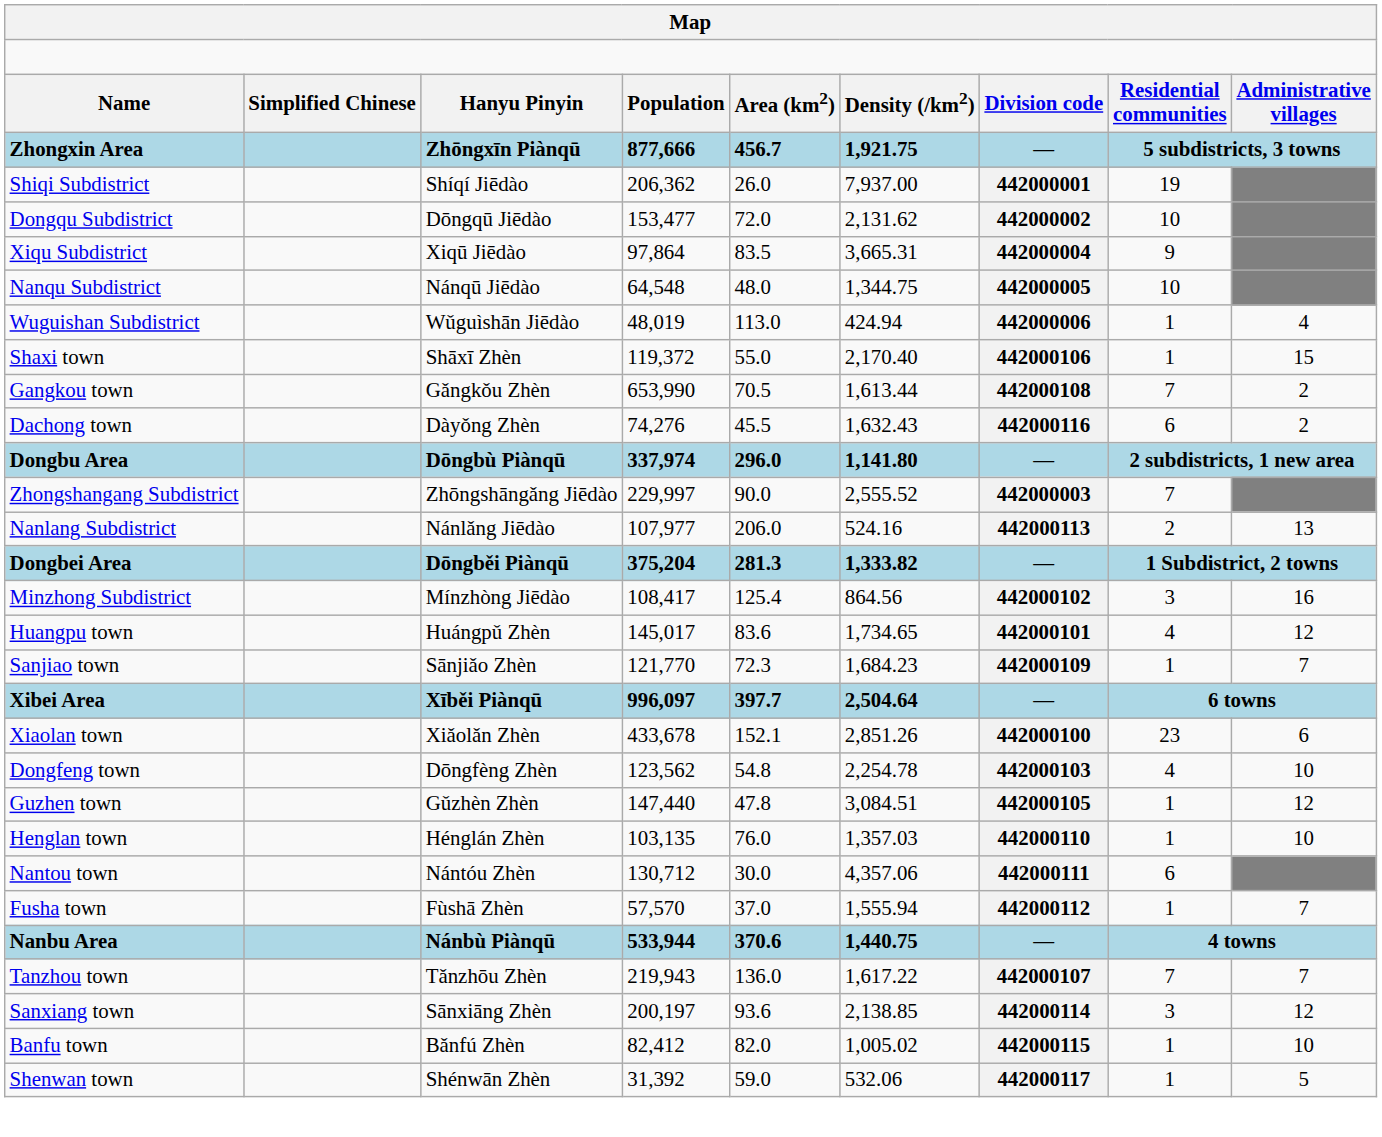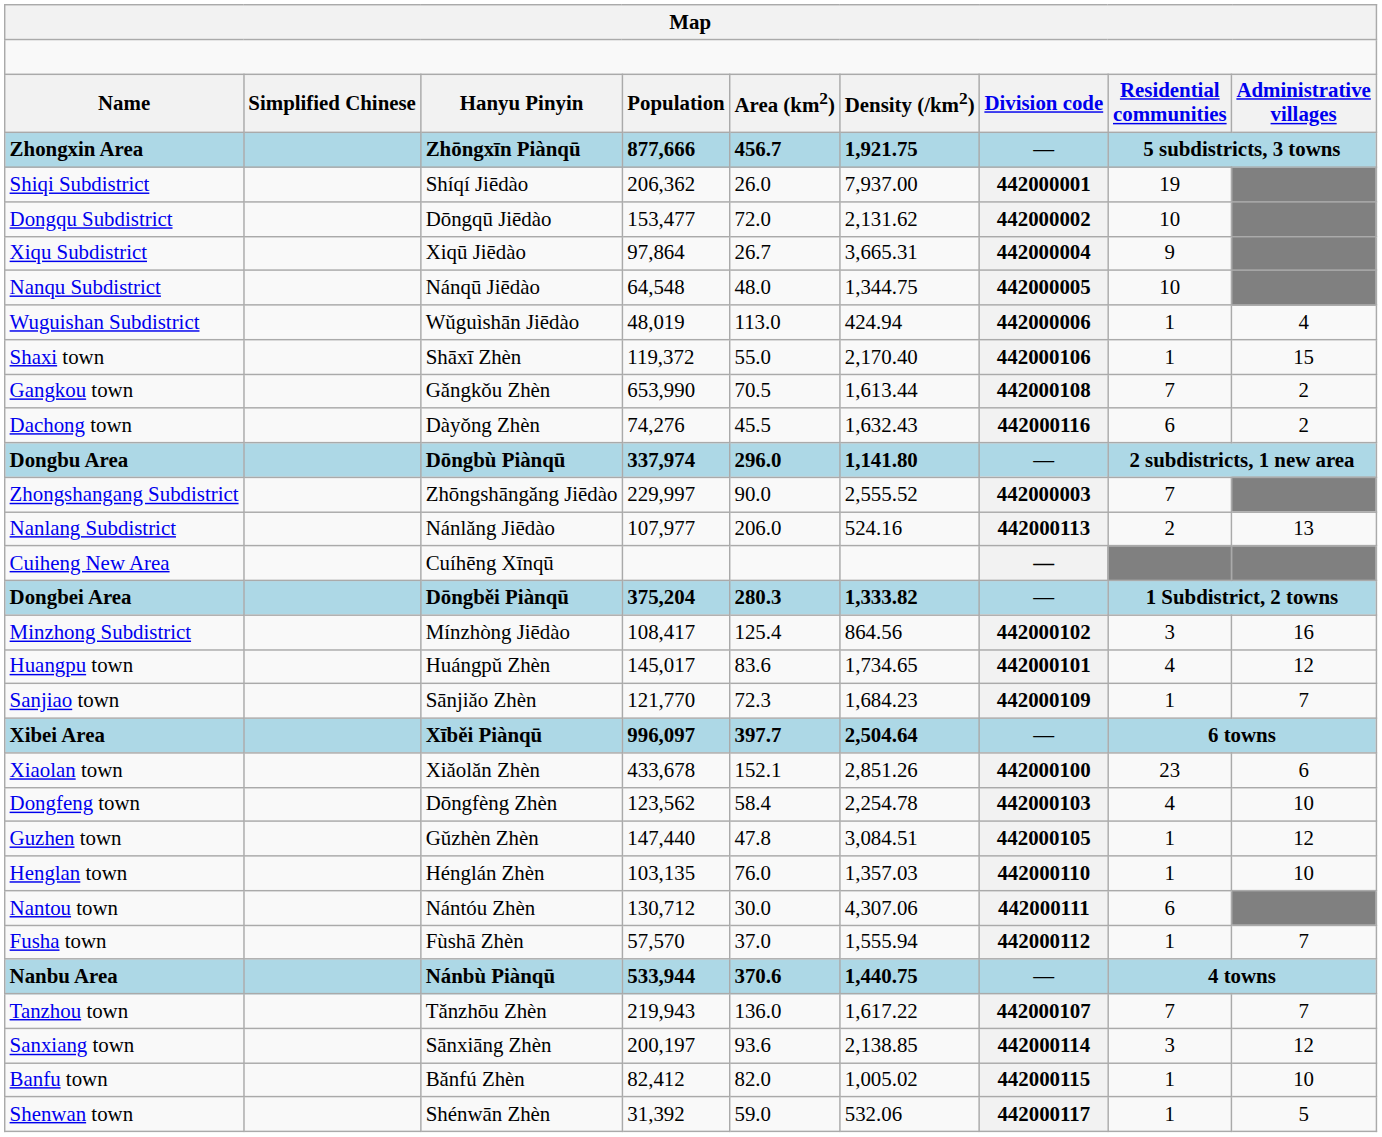 <table class="wikitable" style="font-size:90%;">
 <tr>
 <th colspan="9">Map</th>
 </tr>
 <tr>
 <td colspan="9"><div><br>                           </div></td>
 </tr>
 <tr>
 <th>Name</th>
 <th>Simplified Chinese</th>
 <th>Hanyu Pinyin</th>
 <th>Population </th>
 <th>Area (km<sup>2</sup>)</th>
 <th>Density (/km<sup>2</sup>)</th>
 <th scope="col"><a href='#'>Division code</a></th>
 <th scope="col" width="45"><a href='#'>Residential communities</a></th>
 <th scope="col" width="45"><a href='#'>Administrative villages</a></th>
 </tr>
 <tr bgcolor="lightblue">
 <td><strong>Zhongxin Area</strong></td>
 <td></td>
 <td><strong>Zhōngxīn Piànqū</strong></td>
 <td><strong>877,666</strong></td>
 <td><strong>456.7</strong></td>
 <td><strong>1,921.75</strong></td>
 <td align="center">—</td>
 <td colspan="2" align="center"><strong>5 subdistricts, 3 towns</strong></td>
 </tr>
 <tr>
 <td><a href='#'>Shiqi Subdistrict</a></td>
 <td style="white-space:nowrap;"></td>
 <td>Shíqí Jiēdào</td>
 <td>206,362</td>
 <td>26.0</td>
 <td>7,937.00</td>
 <th>442000001</th>
 <td align="center">19</td>
 <td align="center" bgcolor="grey"></td>
 </tr>
 <tr>
 <td><a href='#'>Dongqu Subdistrict</a></td>
 <td style="white-space:nowrap;"></td>
 <td>Dōngqū Jiēdào</td>
 <td>153,477</td>
 <td>72.0</td>
 <td>2,131.62</td>
 <th>442000002</th>
 <td align="center">10</td>
 <td align="center" bgcolor="grey"></td>
 </tr>
 <tr>
 <td><a href='#'>Xiqu Subdistrict</a></td>
 <td style="white-space:nowrap;"></td>
 <td>Xiqū Jiēdào</td>
 <td>97,864</td>
-<td>83.5</td>
+<td>26.7</td>
 <td>3,665.31</td>
 <th>442000004</th>
 <td align="center">9</td>
 <td align="center" bgcolor="grey"></td>
 </tr>
 <tr>
 <td><a href='#'>Nanqu Subdistrict</a></td>
 <td style="white-space:nowrap;"></td>
 <td>Nánqū Jiēdào</td>
 <td>64,548</td>
 <td>48.0</td>
 <td>1,344.75</td>
 <th>442000005</th>
 <td align="center">10</td>
 <td align="center" bgcolor="grey"></td>
 </tr>
 <tr>
 <td><a href='#'>Wuguishan Subdistrict</a></td>
 <td style="white-space:nowrap;"></td>
 <td>Wǔguìshān Jiēdào</td>
 <td>48,019</td>
 <td>113.0</td>
 <td>424.94</td>
 <th>442000006</th>
 <td align="center">1</td>
 <td align="center">4</td>
 </tr>
 <tr>
 <td><a href='#'>Shaxi</a> town</td>
 <td style="white-space:nowrap;"></td>
 <td>Shāxī Zhèn</td>
 <td>119,372</td>
 <td>55.0</td>
 <td>2,170.40</td>
 <th>442000106</th>
 <td align="center">1</td>
 <td align="center">15</td>
 </tr>
 <tr>
 <td><a href='#'>Gangkou</a> town</td>
 <td style="white-space:nowrap;"></td>
 <td>Gǎngkǒu Zhèn</td>
 <td>653,990</td>
 <td>70.5</td>
 <td>1,613.44</td>
 <th>442000108</th>
 <td align="center">7</td>
 <td align="center">2</td>
 </tr>
 <tr>
 <td><a href='#'>Dachong</a> town</td>
 <td style="white-space:nowrap;"></td>
 <td>Dàyǒng Zhèn</td>
 <td>74,276</td>
 <td>45.5</td>
 <td>1,632.43</td>
 <th>442000116</th>
 <td align="center">6</td>
 <td align="center">2</td>
 </tr>
 <tr bgcolor="lightblue">
 <td><strong>Dongbu Area</strong></td>
 <td></td>
 <td><strong>Dōngbù Piànqū</strong></td>
 <td><strong>337,974</strong></td>
 <td><strong>296.0</strong></td>
 <td><strong>1,141.80</strong></td>
 <td align="center">—</td>
 <td colspan="2" align="center"><strong>2 subdistricts, 1 new area</strong></td>
 </tr>
 <tr>
 <td><a href='#'>Zhongshangang Subdistrict</a></td>
 <td style="white-space:nowrap;"></td>
 <td>Zhōngshāngǎng Jiēdào</td>
 <td>229,997</td>
 <td>90.0</td>
 <td>2,555.52</td>
 <th>442000003</th>
 <td align="center">7</td>
 <td align="center" bgcolor="grey"></td>
 </tr>
 <tr>
 <td><a href='#'>Nanlang Subdistrict</a></td>
 <td style="white-space:nowrap;"></td>
 <td>Nánlǎng Jiēdào</td>
 <td>107,977</td>
 <td>206.0</td>
 <td>524.16</td>
 <th>442000113</th>
 <td align="center">2</td>
 <td align="center">13</td>
 </tr>
+<tr>
+<td><a href='#'>Cuiheng New Area</a></td>
+<td style="white-space:nowrap;"></td>
+<td>Cuíhēng Xīnqū</td>
+<td></td>
+<td></td>
+<td></td>
+<th>—</th>
+<td align="center" bgcolor="grey"></td>
+<td align="center" bgcolor="grey"></td>
+</tr>
 <tr bgcolor="lightblue">
 <td><strong>Dongbei Area</strong></td>
 <td></td>
 <td><strong>Dōngběi Piànqū</strong></td>
 <td><strong>375,204</strong></td>
-<td><strong>281.3</strong></td>
+<td><strong>280.3</strong></td>
 <td><strong>1,333.82</strong></td>
 <td align="center">—</td>
 <td colspan="2" align="center"><strong>1 Subdistrict, 2 towns</strong></td>
 </tr>
 <tr>
 <td><a href='#'>Minzhong Subdistrict</a></td>
 <td style="white-space:nowrap;"></td>
 <td>Mínzhòng Jiēdào</td>
 <td>108,417</td>
 <td>125.4</td>
 <td>864.56</td>
 <th>442000102</th>
 <td align="center">3</td>
 <td align="center">16</td>
 </tr>
 <tr>
 <td><a href='#'>Huangpu</a> town</td>
 <td style="white-space:nowrap;"></td>
 <td>Huángpǔ Zhèn</td>
 <td>145,017</td>
 <td>83.6</td>
 <td>1,734.65</td>
 <th>442000101</th>
 <td align="center">4</td>
 <td align="center">12</td>
 </tr>
 <tr>
 <td><a href='#'>Sanjiao</a> town</td>
 <td style="white-space:nowrap;"></td>
 <td>Sānjiǎo Zhèn</td>
 <td>121,770</td>
 <td>72.3</td>
 <td>1,684.23</td>
 <th>442000109</th>
 <td align="center">1</td>
 <td align="center">7</td>
 </tr>
 <tr bgcolor="lightblue">
 <td><strong>Xibei Area</strong></td>
 <td></td>
 <td><strong>Xīběi Piànqū</strong></td>
 <td><strong>996,097</strong></td>
 <td><strong>397.7</strong></td>
 <td><strong>2,504.64</strong></td>
 <td align="center">—</td>
 <td colspan="2" align="center"><strong>6 towns</strong></td>
 </tr>
 <tr>
 <td><a href='#'>Xiaolan</a> town</td>
 <td style="white-space:nowrap;"></td>
 <td>Xiǎolǎn Zhèn</td>
 <td>433,678</td>
 <td>152.1</td>
 <td>2,851.26</td>
 <th>442000100</th>
 <td align="center">23</td>
 <td align="center">6</td>
 </tr>
 <tr>
 <td><a href='#'>Dongfeng</a> town</td>
 <td style="white-space:nowrap;"></td>
 <td>Dōngfèng Zhèn</td>
 <td>123,562</td>
-<td>54.8</td>
+<td>58.4</td>
 <td>2,254.78</td>
 <th>442000103</th>
 <td align="center">4</td>
 <td align="center">10</td>
 </tr>
 <tr>
 <td><a href='#'>Guzhen</a> town</td>
 <td style="white-space:nowrap;"></td>
 <td>Gǔzhèn Zhèn</td>
 <td>147,440</td>
 <td>47.8</td>
 <td>3,084.51</td>
 <th>442000105</th>
 <td align="center">1</td>
 <td align="center">12</td>
 </tr>
 <tr>
 <td><a href='#'>Henglan</a> town</td>
 <td style="white-space:nowrap;"></td>
 <td>Hénglán Zhèn</td>
 <td>103,135</td>
 <td>76.0</td>
 <td>1,357.03</td>
 <th>442000110</th>
 <td align="center">1</td>
 <td align="center">10</td>
 </tr>
 <tr>
 <td><a href='#'>Nantou</a> town</td>
 <td style="white-space:nowrap;"></td>
 <td>Nántóu Zhèn</td>
 <td>130,712</td>
 <td>30.0</td>
-<td>4,357.06</td>
+<td>4,307.06</td>
 <th>442000111</th>
 <td align="center">6</td>
 <td align="center" bgcolor="grey"></td>
 </tr>
 <tr>
 <td><a href='#'>Fusha</a> town</td>
 <td style="white-space:nowrap;"></td>
 <td>Fùshā Zhèn</td>
 <td>57,570</td>
 <td>37.0</td>
 <td>1,555.94</td>
 <th>442000112</th>
 <td align="center">1</td>
 <td align="center">7</td>
 </tr>
 <tr bgcolor="lightblue">
 <td><strong>Nanbu Area</strong></td>
 <td></td>
 <td><strong>Nánbù Piànqū</strong></td>
 <td><strong>533,944</strong></td>
 <td><strong>370.6</strong></td>
 <td><strong>1,440.75</strong></td>
 <td align="center">—</td>
 <td colspan="2" align="center"><strong>4 towns</strong></td>
 </tr>
 <tr>
 <td><a href='#'>Tanzhou</a> town</td>
 <td style="white-space:nowrap;"></td>
 <td>Tǎnzhōu Zhèn</td>
 <td>219,943</td>
 <td>136.0</td>
 <td>1,617.22</td>
 <th>442000107</th>
 <td align="center">7</td>
 <td align="center">7</td>
 </tr>
 <tr>
 <td><a href='#'>Sanxiang</a> town</td>
 <td style="white-space:nowrap;"></td>
 <td>Sānxiāng Zhèn</td>
 <td>200,197</td>
 <td>93.6</td>
 <td>2,138.85</td>
 <th>442000114</th>
 <td align="center">3</td>
 <td align="center">12</td>
 </tr>
 <tr>
 <td><a href='#'>Banfu</a> town</td>
 <td style="white-space:nowrap;"></td>
 <td>Bǎnfú Zhèn</td>
 <td>82,412</td>
 <td>82.0</td>
 <td>1,005.02</td>
 <th>442000115</th>
 <td align="center">1</td>
 <td align="center">10</td>
 </tr>
 <tr>
 <td><a href='#'>Shenwan</a> town</td>
 <td style="white-space:nowrap;"></td>
 <td>Shénwān Zhèn</td>
 <td>31,392</td>
 <td>59.0</td>
 <td>532.06</td>
 <th>442000117</th>
 <td align="center">1</td>
 <td align="center">5</td>
 </tr>
 </table>
